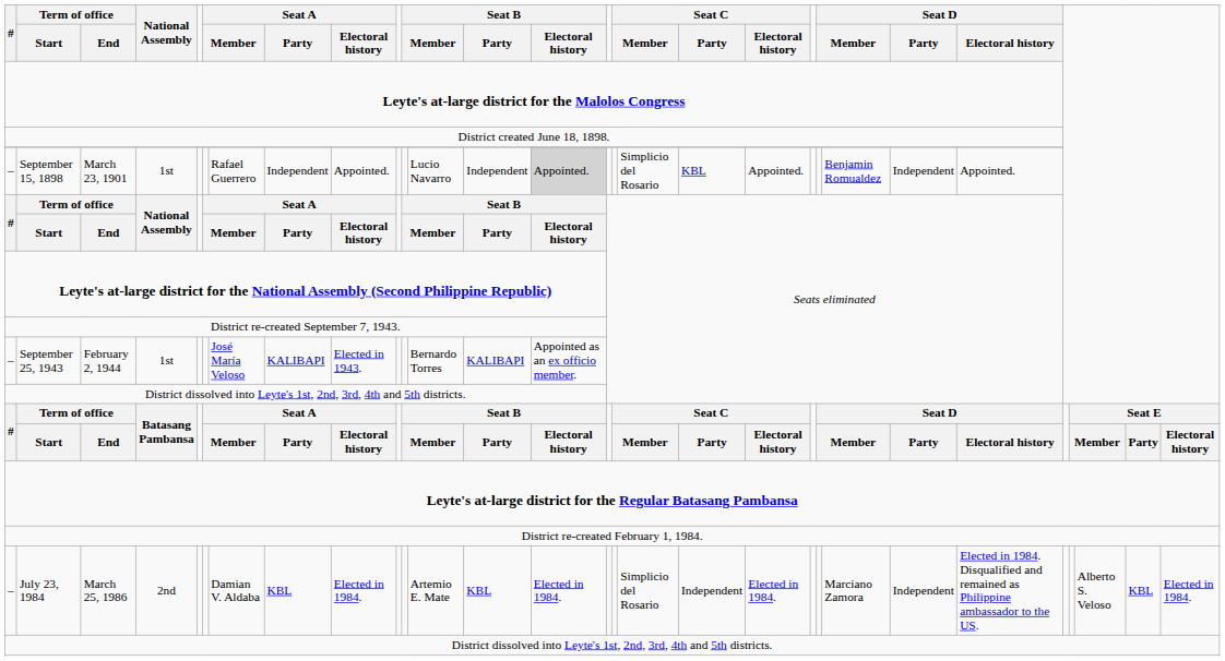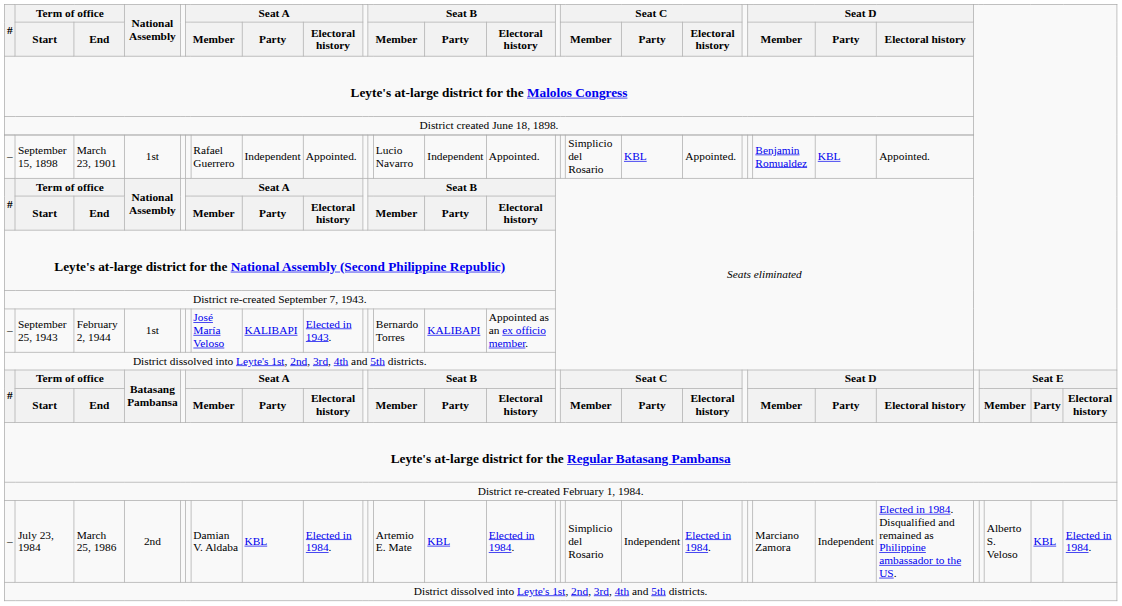 <table class=wikitable>
 <tr>
 <th rowspan=2>#</th>
 <th colspan=2>Term of office</th>
 <th rowspan=2>National<br>Assembly</th>
 <td rowspan=2></td>
 <th colspan=4>Seat A</th>
 <td rowspan=2></td>
 <th colspan=4>Seat B</th>
 <td rowspan=2></td>
 <th colspan=4>Seat C</th>
 <td rowspan=2></td>
 <th colspan=4>Seat D</th>
 </tr>
 <tr style="height:3em">
 <th>Start</th>
 <th>End</th>
 <th colspan="2" style="text-align:center;">Member</th>
 <th>Party</th>
 <th>Electoral history</th>
 <th colspan="2" style="text-align:center;">Member</th>
 <th>Party</th>
 <th>Electoral history</th>
 <th colspan="2" style="text-align:center;">Member</th>
 <th>Party</th>
 <th>Electoral history</th>
 <th colspan="2" style="text-align:center;">Member</th>
 <th>Party</th>
 <th>Electoral history</th>
 </tr>
 <tr>
 <td colspan="24" style="text-align:center;"><br><h3>Leyte's at-large district for the <a href='#'>Malolos Congress</a></h3></td>
 </tr>
 <tr>
 <td colspan="24" style="text-align:center;">District created June 18, 1898.</td>
 </tr>
 <tr>
 </tr>
 <tr style="height:3em">
 <td style="text-align:center;">–</td>
 <td>September 15, 1898</td>
 <td>March 23, 1901</td>
 <td style="text-align:center;">1st</td>
 <td></td>
 <td style="background:"></td>
 <td>Rafael Guerrero</td>
 <td>Independent</td>
 <td>Appointed.</td>
 <td></td>
 <td style="background:"></td>
 <td>Lucio Navarro</td>
 <td>Independent</td>
-<td style="background: lightgrey;">Appointed.</td>
+<td>Appointed.</td>
 <td></td>
 <td style="background:"></td>
 <td>Simplicio del Rosario</td>
 <td><a href='#'>KBL</a></td>
 <td>Appointed.</td>
 <td></td>
 <td style="background:"></td>
 <td><a href='#'>Benjamin Romualdez</a></td>
-<td>Independent</td>
+<td><a href='#'>KBL</a></td>
 <td>Appointed.</td>
 </tr>
 <tr>
 <th rowspan=2>#</th>
 <th colspan=2>Term of office</th>
 <th rowspan=2>National<br>Assembly</th>
 <td rowspan=2></td>
 <th colspan=4>Seat A</th>
 <td rowspan=2></td>
 <th colspan=4>Seat B</th>
 <td rowspan=6 colspan=10 style="text-align:center;"><em>Seats eliminated</em></td>
 </tr>
 <tr style="height:3em">
 <th>Start</th>
 <th>End</th>
 <th colspan="2" style="text-align:center;">Member</th>
 <th>Party</th>
 <th>Electoral history</th>
 <th colspan="2" style="text-align:center;">Member</th>
 <th>Party</th>
 <th>Electoral history</th>
 </tr>
 <tr>
 <td colspan="14" style="text-align:center;"><br><h3>Leyte's at-large district for the <a href='#'>National Assembly (Second Philippine Republic)</a></h3></td>
 </tr>
 <tr>
 <td colspan="14" style="text-align:center;">District re-created September 7, 1943.</td>
 </tr>
 <tr>
 <td style="text-align:center;">–</td>
 <td>September 25, 1943</td>
 <td>February 2, 1944</td>
 <td style="text-align:center;">1st</td>
 <td></td>
 <td style="background:"></td>
 <td><a href='#'>José María Veloso</a></td>
 <td><a href='#'>KALIBAPI</a></td>
 <td><a href='#'>Elected in 1943</a>.</td>
 <td></td>
 <td style="background:"></td>
 <td>Bernardo Torres</td>
 <td><a href='#'>KALIBAPI</a></td>
 <td>Appointed as an <a href='#'>ex officio member</a>.</td>
 </tr>
 <tr>
 <td colspan="14" style="text-align:center;">District dissolved into <a href='#'>Leyte's 1st</a>, <a href='#'>2nd</a>, <a href='#'>3rd</a>, <a href='#'>4th</a> and <a href='#'>5th</a> districts.</td>
 </tr>
 <tr>
 <th rowspan=2>#</th>
 <th colspan=2>Term of office</th>
 <th rowspan=2>Batasang<br>Pambansa</th>
 <td rowspan=2></td>
 <th colspan=4>Seat A</th>
 <td rowspan=2></td>
 <th colspan=4>Seat B</th>
 <td rowspan=2></td>
 <th colspan=4>Seat C</th>
 <td rowspan=2></td>
 <th colspan=4>Seat D</th>
 <td rowspan=2></td>
 <th colspan=4>Seat E</th>
 </tr>
 <tr style="height:3em">
 <th>Start</th>
 <th>End</th>
 <th colspan="2" style="text-align:center;">Member</th>
 <th>Party</th>
 <th>Electoral history</th>
 <th colspan="2" style="text-align:center;">Member</th>
 <th>Party</th>
 <th>Electoral history</th>
 <th colspan="2" style="text-align:center;">Member</th>
 <th>Party</th>
 <th>Electoral history</th>
 <th colspan="2" style="text-align:center;">Member</th>
 <th>Party</th>
 <th>Electoral history</th>
 <th colspan="2" style="text-align:center;">Member</th>
 <th>Party</th>
 <th>Electoral history</th>
 </tr>
 <tr>
 <td colspan="29" style="text-align:center;"><br><h3>Leyte's at-large district for the <a href='#'>Regular Batasang Pambansa</a></h3></td>
 </tr>
 <tr>
 <td colspan="29" style="text-align:center;">District re-created February 1, 1984.</td>
 </tr>
 <tr style="height:3em">
 <td style="text-align:center;">–</td>
 <td>July 23, 1984</td>
 <td>March 25, 1986</td>
 <td style="text-align:center;">2nd</td>
 <td></td>
 <td style="background:"></td>
 <td>Damian V. Aldaba</td>
 <td><a href='#'>KBL</a></td>
 <td><a href='#'>Elected in 1984</a>.</td>
 <td></td>
 <td style="background:"></td>
 <td>Artemio E. Mate</td>
 <td><a href='#'>KBL</a></td>
 <td><a href='#'>Elected in 1984</a>.</td>
 <td></td>
 <td style="background:"></td>
 <td>Simplicio del Rosario</td>
 <td>Independent</td>
 <td><a href='#'>Elected in 1984</a>.</td>
 <td></td>
 <td style="background:"></td>
 <td>Marciano Zamora</td>
 <td>Independent</td>
 <td><a href='#'>Elected in 1984</a>. Disqualified and remained as <a href='#'>Philippine ambassador to the US</a>.</td>
 <td></td>
 <td style="background:"></td>
 <td>Alberto S. Veloso</td>
 <td><a href='#'>KBL</a></td>
 <td><a href='#'>Elected in 1984</a>.</td>
 </tr>
 <tr>
 <td colspan="29" style="text-align:center;">District dissolved into <a href='#'>Leyte's 1st</a>, <a href='#'>2nd</a>, <a href='#'>3rd</a>, <a href='#'>4th</a> and <a href='#'>5th</a> districts.</td>
 </tr>
 </table>
